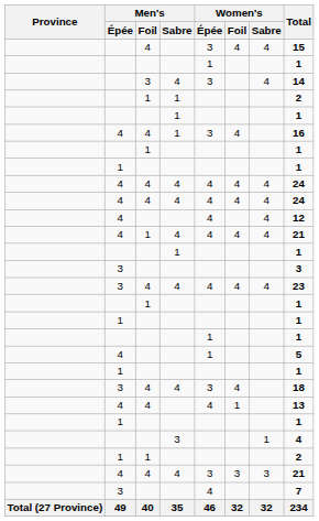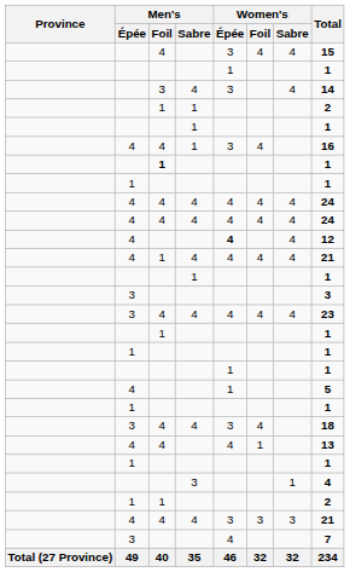 <table class="wikitable" style="text-align:center;">
 <tr>
 <th rowspan="2"><strong>Province</strong></th>
 <th colspan="3"><strong>Men's</strong></th>
 <th colspan="3"><strong>Women's</strong></th>
 <th rowspan="2"><strong>Total</strong></th>
 </tr>
 <tr>
 <th>Épée</th>
 <th>Foil</th>
 <th>Sabre</th>
 <th>Épée</th>
 <th>Foil</th>
 <th>Sabre</th>
 </tr>
 <tr>
 <td style="text-align:left;"></td>
 <td></td>
 <td>4</td>
 <td></td>
 <td>3</td>
 <td>4</td>
 <td>4</td>
 <td><strong>15</strong></td>
 </tr>
 <tr>
 <td style="text-align:left;"></td>
 <td></td>
 <td></td>
 <td></td>
 <td>1</td>
 <td></td>
 <td></td>
 <td><strong>1</strong></td>
 </tr>
 <tr>
 <td style="text-align:left;"></td>
 <td></td>
 <td>3</td>
 <td>4</td>
 <td>3</td>
 <td></td>
 <td>4</td>
 <td><strong>14</strong></td>
 </tr>
 <tr>
 <td style="text-align:left;"></td>
 <td></td>
 <td>1</td>
 <td>1</td>
 <td></td>
 <td></td>
 <td></td>
 <td><strong>2</strong></td>
 </tr>
 <tr>
 <td style="text-align:left;"></td>
 <td></td>
 <td></td>
 <td>1</td>
 <td></td>
 <td></td>
 <td></td>
 <td><strong>1</strong></td>
 </tr>
 <tr>
 <td style="text-align:left;"></td>
 <td>4</td>
 <td>4</td>
 <td>1</td>
 <td>3</td>
 <td>4</td>
 <td></td>
 <td><strong>16</strong></td>
 </tr>
 <tr>
 <td style="text-align:left;"></td>
 <td></td>
-<td>1</td>
+<td><strong>1</strong></td>
 <td></td>
 <td></td>
 <td></td>
 <td></td>
 <td><strong>1</strong></td>
 </tr>
 <tr>
 <td style="text-align:left;"></td>
 <td>1</td>
 <td></td>
 <td></td>
 <td></td>
 <td></td>
 <td></td>
 <td><strong>1</strong></td>
 </tr>
 <tr>
 <td style="text-align:left;"></td>
 <td>4</td>
 <td>4</td>
 <td>4</td>
 <td>4</td>
 <td>4</td>
 <td>4</td>
 <td><strong>24</strong></td>
 </tr>
 <tr>
 <td style="text-align:left;"></td>
 <td>4</td>
 <td>4</td>
 <td>4</td>
 <td>4</td>
 <td>4</td>
 <td>4</td>
 <td><strong>24</strong></td>
 </tr>
 <tr>
 <td style="text-align:left;"></td>
 <td>4</td>
 <td></td>
 <td></td>
-<td>4</td>
+<td><strong>4</strong></td>
 <td></td>
 <td>4</td>
 <td><strong>12</strong></td>
 </tr>
 <tr>
 <td style="text-align:left;"></td>
 <td>4</td>
 <td>1</td>
 <td>4</td>
 <td>4</td>
 <td>4</td>
 <td>4</td>
 <td><strong>21</strong></td>
 </tr>
 <tr>
 <td style="text-align:left;"></td>
 <td></td>
 <td></td>
 <td>1</td>
 <td></td>
 <td></td>
 <td></td>
 <td><strong>1</strong></td>
 </tr>
 <tr>
 <td style="text-align:left;"></td>
 <td>3</td>
 <td></td>
 <td></td>
 <td></td>
 <td></td>
 <td></td>
 <td><strong>3</strong></td>
 </tr>
 <tr>
 <td style="text-align:left;"></td>
 <td>3</td>
 <td>4</td>
 <td>4</td>
 <td>4</td>
 <td>4</td>
 <td>4</td>
 <td><strong>23</strong></td>
 </tr>
 <tr>
 <td style="text-align:left;"></td>
 <td></td>
 <td>1</td>
 <td></td>
 <td></td>
 <td></td>
 <td></td>
 <td><strong>1</strong></td>
 </tr>
 <tr>
 <td style="text-align:left;"></td>
 <td>1</td>
 <td></td>
 <td></td>
 <td></td>
 <td></td>
 <td></td>
 <td><strong>1</strong></td>
 </tr>
 <tr>
 <td style="text-align:left;"></td>
 <td></td>
 <td></td>
 <td></td>
 <td>1</td>
 <td></td>
 <td></td>
 <td><strong>1</strong></td>
 </tr>
 <tr>
 <td style="text-align:left;"></td>
 <td>4</td>
 <td></td>
 <td></td>
 <td>1</td>
 <td></td>
 <td></td>
 <td><strong>5</strong></td>
 </tr>
 <tr>
 <td style="text-align:left;"></td>
 <td>1</td>
 <td></td>
 <td></td>
 <td></td>
 <td></td>
 <td></td>
 <td><strong>1</strong></td>
 </tr>
 <tr>
 <td style="text-align:left;"></td>
 <td>3</td>
 <td>4</td>
 <td>4</td>
 <td>3</td>
 <td>4</td>
 <td></td>
 <td><strong>18</strong></td>
 </tr>
 <tr>
 <td style="text-align:left;"></td>
 <td>4</td>
 <td>4</td>
 <td></td>
 <td>4</td>
 <td>1</td>
 <td></td>
 <td><strong>13</strong></td>
 </tr>
 <tr>
 <td style="text-align:left;"></td>
 <td>1</td>
 <td></td>
 <td></td>
 <td></td>
 <td></td>
 <td></td>
 <td><strong>1</strong></td>
 </tr>
 <tr>
 <td style="text-align:left;"></td>
 <td></td>
 <td></td>
 <td>3</td>
 <td></td>
 <td></td>
 <td>1</td>
 <td><strong>4</strong></td>
 </tr>
 <tr>
 <td style="text-align:left;"></td>
 <td>1</td>
 <td>1</td>
 <td></td>
 <td></td>
 <td></td>
 <td></td>
 <td><strong>2</strong></td>
 </tr>
 <tr>
 <td style="text-align:left;"></td>
 <td>4</td>
 <td>4</td>
 <td>4</td>
 <td>3</td>
 <td>3</td>
 <td>3</td>
 <td><strong>21</strong></td>
 </tr>
 <tr>
 <td style="text-align:left;"></td>
 <td>3</td>
 <td></td>
 <td></td>
 <td>4</td>
 <td></td>
 <td></td>
 <td><strong>7</strong></td>
 </tr>
 <tr>
 <th><strong>Total (27 Province)</strong></th>
 <th><strong>49</strong></th>
 <th><strong>40</strong></th>
 <th><strong>35</strong></th>
 <th><strong>46</strong></th>
 <th><strong>32</strong></th>
 <th><strong>32</strong></th>
 <th><strong>234</strong></th>
 </tr>
 </table>
